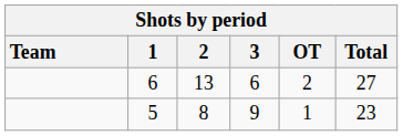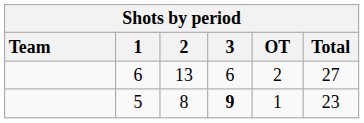 <table class="wikitable" style="width:20em;">
 <tr>
 <th colspan="6">Shots by period</th>
 </tr>
 <tr>
 <th style="width:8em; text-align:left;">Team</th>
 <th style="width:3em;">1</th>
 <th style="width:3em;">2</th>
 <th style="width:3em;">3</th>
 <th style="width:3em;">OT</th>
 <th style="width:3em;">Total</th>
 </tr>
 <tr style="text-align:center;">
 <td style="text-align:left;"></td>
 <td>6</td>
 <td>13</td>
 <td>6</td>
 <td>2</td>
 <td>27</td>
 </tr>
 <tr style="text-align:center;">
 <td style="text-align:left;"></td>
 <td>5</td>
 <td>8</td>
-<td>9</td>
+<td><strong>9</strong></td>
 <td>1</td>
 <td>23</td>
 </tr>
 </table>
